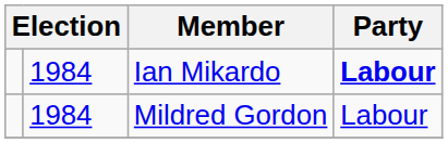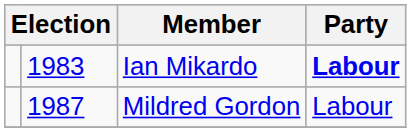 <table class="wikitable">
 <tr>
 <th colspan="2">Election</th>
 <th>Member</th>
 <th>Party</th>
 </tr>
 <tr>
 <td style="color:inherit;background-color: "></td>
-<td><a href='#'>1984</a></td>
+<td><a href='#'>1983</a></td>
 <td><a href='#'>Ian Mikardo</a></td>
 <td><strong><a href='#'>Labour</a></strong></td>
 </tr>
 <tr>
 <td style="color:inherit;background-color: "></td>
-<td><a href='#'>1984</a></td>
+<td><a href='#'>1987</a></td>
 <td><a href='#'>Mildred Gordon</a></td>
 <td><a href='#'>Labour</a></td>
 </tr>
 <tr>
 </tr>
 </table>
